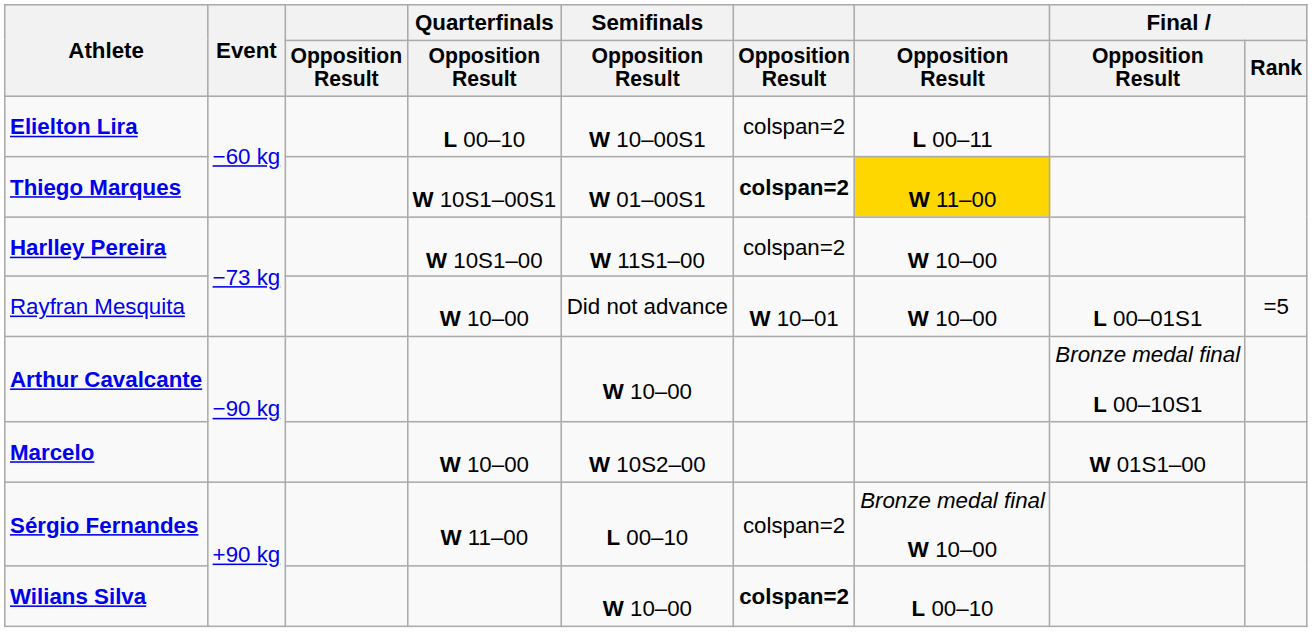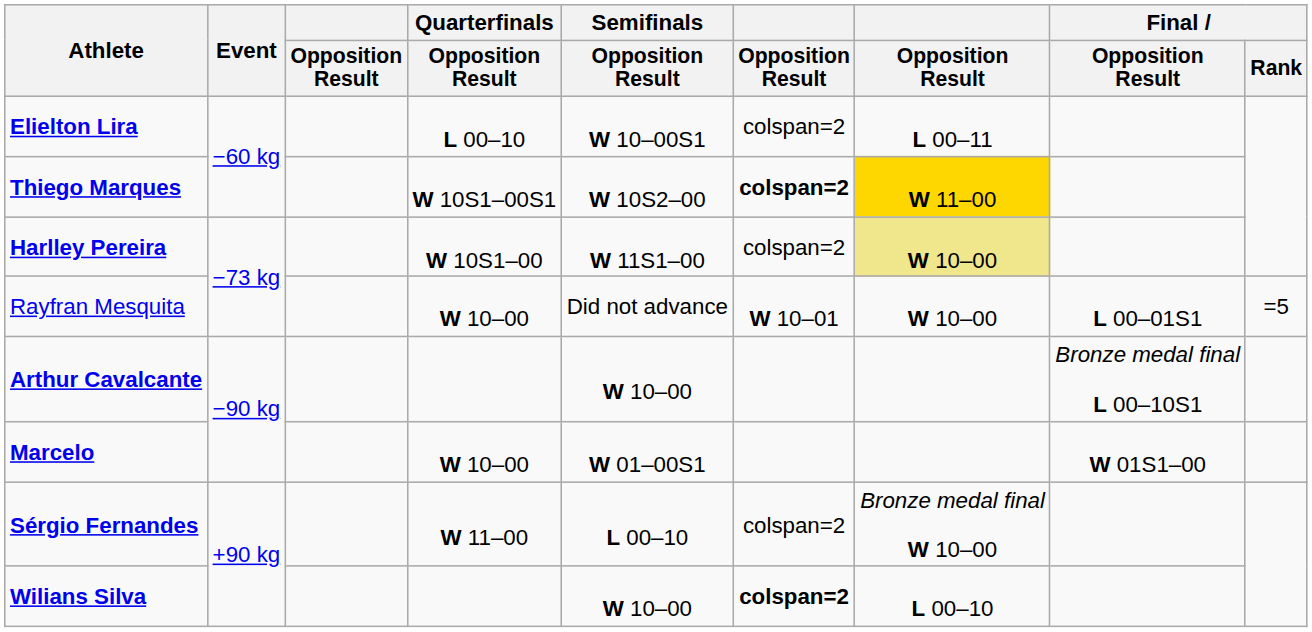 <table class="wikitable" style="font-size:90%">
 <tr>
 <th rowspan="2">Athlete</th>
 <th rowspan="2">Event</th>
 <th></th>
 <th>Quarterfinals</th>
 <th>Semifinals</th>
 <th></th>
 <th></th>
 <th colspan="2">Final / </th>
 </tr>
 <tr style="font-size:95%">
 <th>Opposition<br>Result</th>
 <th>Opposition<br>Result</th>
 <th>Opposition<br>Result</th>
 <th>Opposition<br>Result</th>
 <th>Opposition<br>Result</th>
 <th>Opposition<br>Result</th>
 <th>Rank</th>
 </tr>
 <tr align=center>
 <td align=left><strong><a href='#'>Elielton Lira</a></strong></td>
 <td align=left rowspan=2><a href='#'>−60 kg</a></td>
 <td></td>
 <td><br><strong>L</strong> 00–10</td>
 <td><br><strong>W</strong> 10–00S1</td>
 <td>colspan=2 </td>
 <td><br><strong>L</strong> 00–11</td>
 <td></td>
 </tr>
 <tr align=center>
 <td align=left><strong><a href='#'>Thiego Marques</a></strong></td>
 <td></td>
 <td><br><strong>W</strong> 10S1–00S1</td>
-<td><br><strong>W</strong> 01–00S1</td>
+<td><br><strong>W</strong> 10S2–00</td>
 <td><strong>colspan=2 </strong></td>
 <td style="background: gold;"><br><strong>W</strong> 11–00</td>
 <td></td>
 </tr>
 <tr align=center>
 <td align=left><strong><a href='#'>Harlley Pereira</a></strong></td>
 <td align=left rowspan=2><a href='#'>−73 kg</a></td>
 <td></td>
 <td><br><strong>W</strong> 10S1–00</td>
 <td><br><strong>W</strong> 11S1–00</td>
 <td>colspan=2 </td>
-<td><br><strong>W</strong> 10–00</td>
+<td style="background: khaki;"><br><strong>W</strong> 10–00</td>
 <td></td>
 </tr>
 <tr align=center>
 <td align=left><a href='#'>Rayfran Mesquita</a></td>
 <td></td>
 <td><br><strong>W</strong> 10–00</td>
 <td>Did not advance</td>
 <td><br><strong>W</strong> 10–01</td>
 <td><br><strong>W</strong> 10–00</td>
 <td><br><strong>L</strong> 00–01S1</td>
 <td>=5</td>
 </tr>
 <tr align=center>
 <td align=left><strong><a href='#'>Arthur Cavalcante</a></strong></td>
 <td align=left rowspan=2><a href='#'>−90 kg</a></td>
 <td></td>
 <td></td>
 <td><br><strong>W</strong> 10–00</td>
 <td></td>
 <td></td>
 <td><em>Bronze medal final</em><br><br><strong>L</strong> 00–10S1</td>
 <td></td>
 </tr>
 <tr align=center>
 <td align=left><strong><a href='#'>Marcelo </a></strong></td>
 <td></td>
 <td><br><strong>W</strong> 10–00</td>
-<td><br><strong>W</strong> 10S2–00</td>
+<td><br><strong>W</strong> 01–00S1</td>
 <td></td>
 <td></td>
 <td><br><strong>W</strong> 01S1–00</td>
 <td></td>
 </tr>
 <tr align=center>
 <td align=left><strong><a href='#'>Sérgio Fernandes</a></strong></td>
 <td align=left rowspan=2><a href='#'>+90 kg</a></td>
 <td></td>
 <td><br><strong>W</strong> 11–00</td>
 <td><br><strong>L</strong> 00–10</td>
 <td>colspan=2 </td>
 <td><em>Bronze medal final</em><br><br><strong>W</strong> 10–00</td>
 <td></td>
 </tr>
 <tr align=center>
 <td align=left><strong><a href='#'>Wilians Silva</a></strong></td>
 <td></td>
 <td></td>
 <td><br><strong>W</strong> 10–00</td>
 <td><strong>colspan=2 </strong></td>
 <td><br><strong>L</strong> 00–10</td>
 <td></td>
 </tr>
 </table>
